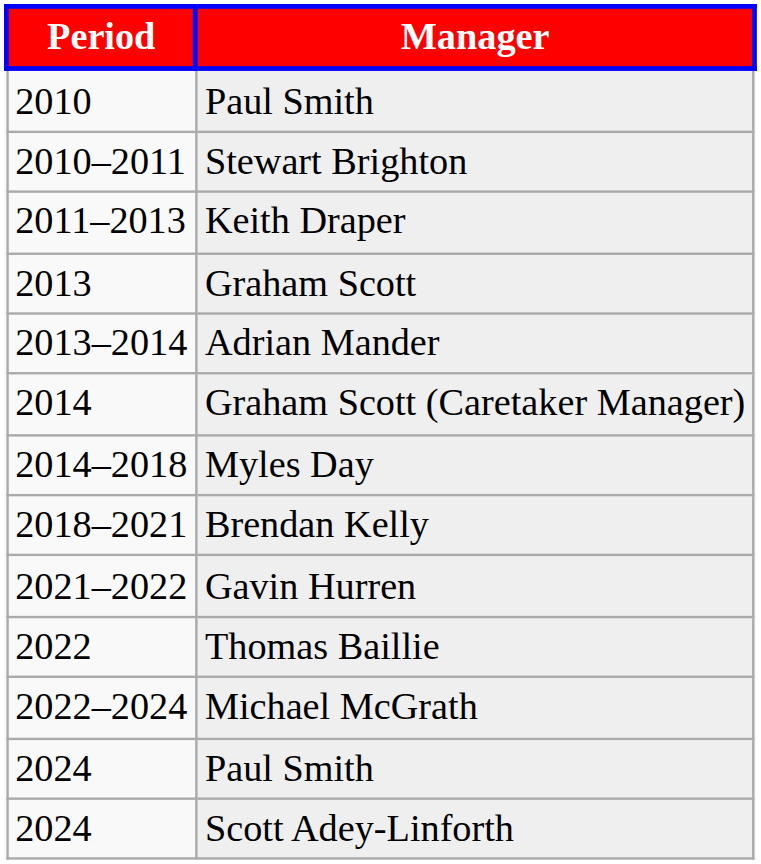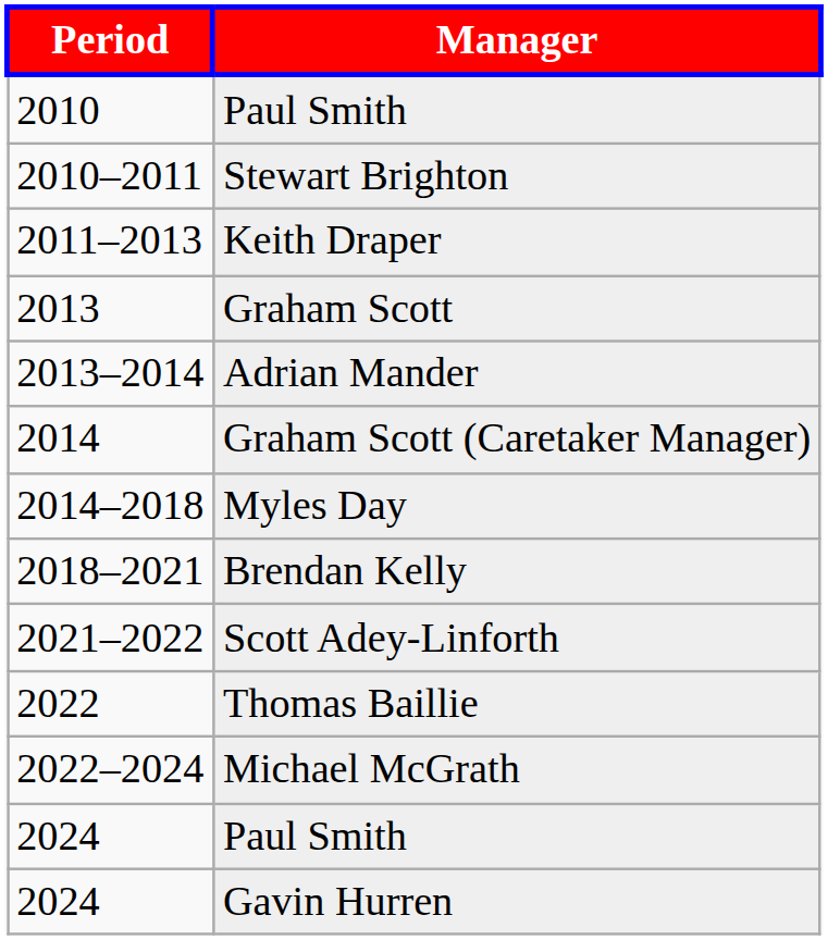 <table class="wikitable sortable">
 <tr>
 <th style="background:#FF0000; color:#FFFFFF; border:2px solid #0000FF;" scope="col">Period</th>
 <th style="background:#FF0000; color:#FFFFFF; border:2px solid #0000FF;" scope="col">Manager</th>
 </tr>
 <tr>
 <td>2010</td>
 <td style="background:#efefef;"> Paul Smith</td>
 </tr>
 <tr>
 <td>2010–2011</td>
 <td style="background:#efefef;"> Stewart Brighton</td>
 </tr>
 <tr>
 <td>2011–2013</td>
 <td style="background:#efefef;"> Keith Draper</td>
 </tr>
 <tr>
 <td>2013</td>
 <td style="background:#efefef;"> Graham Scott</td>
 </tr>
 <tr>
 <td>2013–2014</td>
 <td style="background:#efefef;"> Adrian Mander</td>
 </tr>
 <tr>
 <td>2014</td>
 <td style="background:#efefef;"> Graham Scott (Caretaker Manager)</td>
 </tr>
 <tr>
 <td>2014–2018</td>
 <td style="background:#efefef;"> Myles Day</td>
 </tr>
 <tr>
 <td>2018–2021</td>
 <td style="background:#efefef;"> Brendan Kelly</td>
 </tr>
 <tr>
 <td>2021–2022</td>
-<td style="background:#efefef;"> Gavin Hurren</td>
+<td style="background:#efefef;"> Scott Adey-Linforth</td>
 </tr>
 <tr>
 <td>2022</td>
 <td style="background:#efefef;"> Thomas Baillie</td>
 </tr>
 <tr>
 <td>2022–2024</td>
 <td style="background:#efefef;"> Michael McGrath</td>
 </tr>
 <tr>
 <td>2024</td>
 <td style="background:#efefef;"> Paul Smith</td>
 </tr>
 <tr>
 <td>2024</td>
-<td style="background:#efefef;"> Scott Adey-Linforth</td>
+<td style="background:#efefef;"> Gavin Hurren</td>
 </tr>
 </table>
